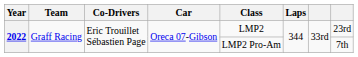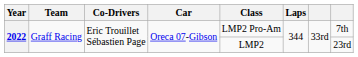 <table class="wikitable" style="text-align:center; font-size:90%">
 <tr>
 <th>Year</th>
 <th>Team</th>
 <th>Co-Drivers</th>
 <th>Car</th>
 <th>Class</th>
 <th>Laps</th>
 <th></th>
 <th></th>
 </tr>
 <tr>
 <th rowspan=2><a href='#'>2022</a></th>
 <td rowspan=2 align="left"> <a href='#'>Graff Racing</a></td>
 <td rowspan=2 align="left"> Eric Trouillet<br> Sébastien Page</td>
 <td rowspan=2 align="left"><a href='#'>Oreca 07</a>-<a href='#'>Gibson</a></td>
-<td>LMP2</td>
+<td>LMP2 Pro-Am</td>
 <td rowspan=2>344</td>
 <td rowspan=2>33rd</td>
+<td>7th</td>
+</tr>
+<tr>
+<td>LMP2</td>
 <td>23rd</td>
 </tr>
-<tr>
-<td>LMP2 Pro-Am</td>
-<td>7th</td>
-</tr>
 </table>
